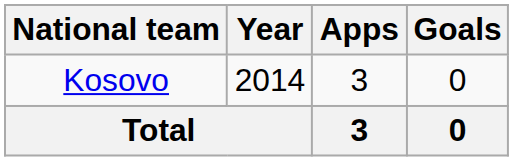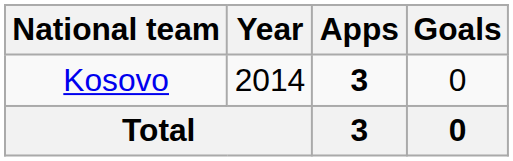 <table class="wikitable" style="text-align:center">
 <tr>
 <th>National team</th>
 <th>Year</th>
 <th>Apps</th>
 <th>Goals</th>
 </tr>
 <tr>
 <td><a href='#'>Kosovo</a></td>
 <td>2014</td>
-<td>3</td>
+<td><strong>3</strong></td>
 <td>0</td>
 </tr>
 <tr>
 <th colspan="2">Total</th>
 <th>3</th>
 <th>0</th>
 </tr>
 </table>
